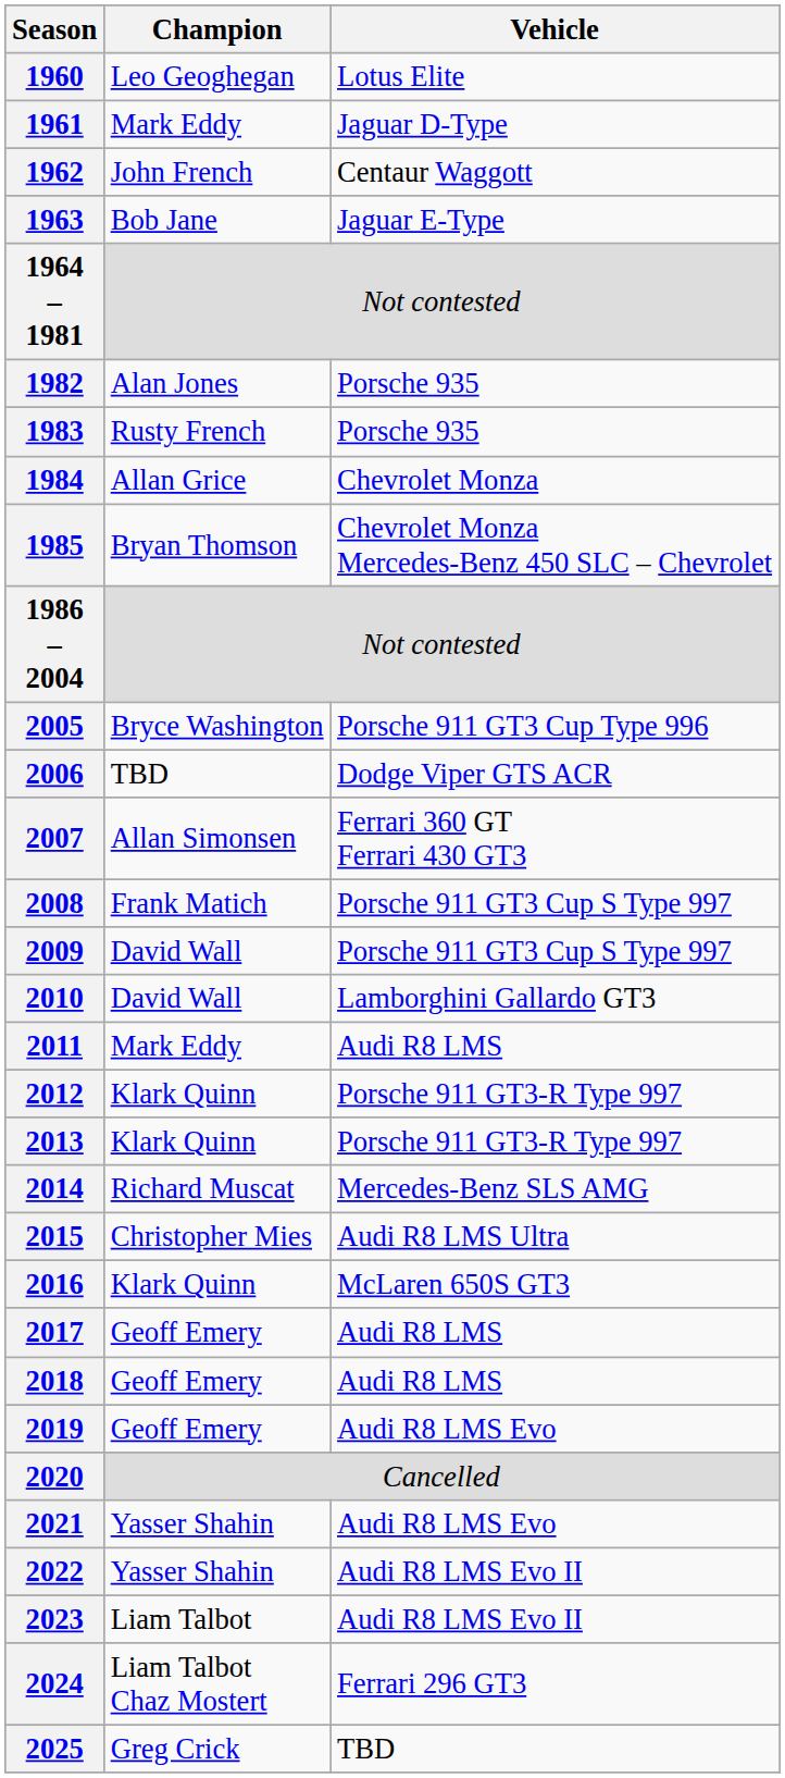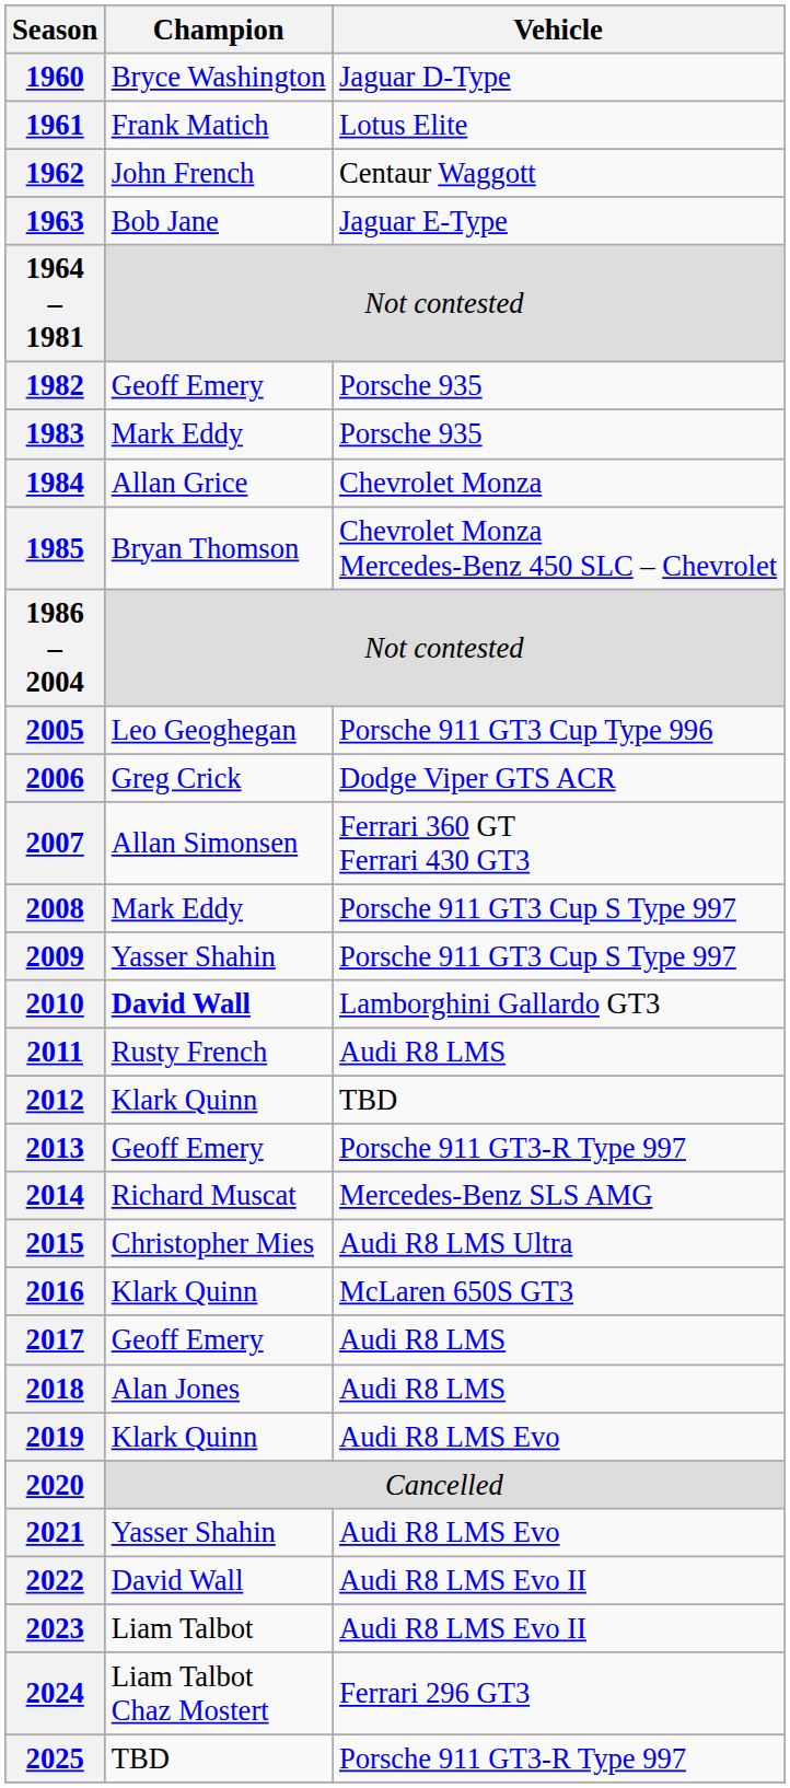 <table class="wikitable" style="font-size: 95%;">
 <tr>
 <th>Season</th>
 <th>Champion</th>
 <th>Vehicle</th>
 </tr>
 <tr>
 <th><a href='#'>1960</a></th>
-<td> <a href='#'>Leo Geoghegan</a></td>
-<td><a href='#'>Lotus Elite</a></td>
+<td> <a href='#'>Bryce Washington</a></td>
+<td><a href='#'>Jaguar D-Type</a></td>
 </tr>
 <tr>
 <th><a href='#'>1961</a></th>
-<td> <a href='#'>Mark Eddy</a></td>
-<td><a href='#'>Jaguar D-Type</a></td>
+<td> <a href='#'>Frank Matich</a></td>
+<td><a href='#'>Lotus Elite</a></td>
 </tr>
 <tr>
 <th><a href='#'>1962</a></th>
 <td> <a href='#'>John French</a></td>
 <td>Centaur <a href='#'>Waggott</a></td>
 </tr>
 <tr>
 <th><a href='#'>1963</a></th>
 <td> <a href='#'>Bob Jane</a></td>
 <td><a href='#'>Jaguar E-Type</a></td>
 </tr>
 <tr style="background: #dddddd">
 <th>1964<br>–<br>1981</th>
 <td colspan=2 align=center><em>Not contested</em></td>
 </tr>
 <tr>
 <th><a href='#'>1982</a></th>
-<td> <a href='#'>Alan Jones</a></td>
+<td> <a href='#'>Geoff Emery</a></td>
 <td><a href='#'>Porsche 935</a></td>
 </tr>
 <tr>
 <th><a href='#'>1983</a></th>
-<td> <a href='#'>Rusty French</a></td>
+<td> <a href='#'>Mark Eddy</a></td>
 <td><a href='#'>Porsche 935</a></td>
 </tr>
 <tr>
 <th><a href='#'>1984</a></th>
 <td> <a href='#'>Allan Grice</a></td>
 <td><a href='#'>Chevrolet Monza</a></td>
 </tr>
 <tr>
 <th><a href='#'>1985</a></th>
 <td> <a href='#'>Bryan Thomson</a></td>
 <td><a href='#'>Chevrolet Monza</a> <br> <a href='#'>Mercedes-Benz 450 SLC</a> – <a href='#'>Chevrolet</a></td>
 </tr>
 <tr style="background: #dddddd">
 <th>1986<br>–<br>2004</th>
 <td colspan=2 align=center><em>Not contested</em></td>
 </tr>
 <tr>
 <th><a href='#'>2005</a></th>
-<td> <a href='#'>Bryce Washington</a></td>
+<td> <a href='#'>Leo Geoghegan</a></td>
 <td><a href='#'>Porsche 911 GT3 Cup Type 996</a></td>
 </tr>
 <tr>
 <th><a href='#'>2006</a></th>
-<td>TBD</td>
+<td> <a href='#'>Greg Crick</a></td>
 <td><a href='#'>Dodge Viper GTS ACR</a></td>
 </tr>
 <tr>
 <th><a href='#'>2007</a></th>
 <td> <a href='#'>Allan Simonsen</a></td>
 <td><a href='#'>Ferrari 360</a> GT<br><a href='#'>Ferrari 430 GT3</a></td>
 </tr>
 <tr>
 <th><a href='#'>2008</a></th>
-<td> <a href='#'>Frank Matich</a></td>
+<td> <a href='#'>Mark Eddy</a></td>
 <td><a href='#'>Porsche 911 GT3 Cup S Type 997</a></td>
 </tr>
 <tr>
 <th><a href='#'>2009</a></th>
-<td> <a href='#'>David Wall</a></td>
+<td> <a href='#'>Yasser Shahin</a></td>
 <td><a href='#'>Porsche 911 GT3 Cup S Type 997</a></td>
 </tr>
 <tr>
 <th><a href='#'>2010</a></th>
-<td> <a href='#'>David Wall</a></td>
+<td><strong> <a href='#'>David Wall</a></strong></td>
 <td><a href='#'>Lamborghini Gallardo</a> GT3</td>
 </tr>
 <tr>
 <th><a href='#'>2011</a></th>
-<td> <a href='#'>Mark Eddy</a></td>
+<td> <a href='#'>Rusty French</a></td>
 <td><a href='#'>Audi R8 LMS</a></td>
 </tr>
 <tr>
 <th><a href='#'>2012</a></th>
 <td> <a href='#'>Klark Quinn</a></td>
-<td><a href='#'>Porsche 911 GT3-R Type 997</a></td>
+<td>TBD</td>
 </tr>
 <tr>
 <th><a href='#'>2013</a></th>
-<td> <a href='#'>Klark Quinn</a></td>
+<td> <a href='#'>Geoff Emery</a></td>
 <td><a href='#'>Porsche 911 GT3-R Type 997</a></td>
 </tr>
 <tr>
 <th><a href='#'>2014</a></th>
 <td> <a href='#'>Richard Muscat</a></td>
 <td><a href='#'>Mercedes-Benz SLS AMG</a></td>
 </tr>
 <tr>
 <th><a href='#'>2015</a></th>
 <td> <a href='#'>Christopher Mies</a></td>
 <td><a href='#'>Audi R8 LMS Ultra</a></td>
 </tr>
 <tr>
 <th><a href='#'>2016</a></th>
 <td> <a href='#'>Klark Quinn</a></td>
 <td><a href='#'>McLaren 650S GT3</a></td>
 </tr>
 <tr>
 <th><a href='#'>2017</a></th>
 <td> <a href='#'>Geoff Emery</a></td>
 <td><a href='#'>Audi R8 LMS</a></td>
 </tr>
 <tr>
 <th><a href='#'>2018</a></th>
-<td> <a href='#'>Geoff Emery</a></td>
+<td> <a href='#'>Alan Jones</a></td>
 <td><a href='#'>Audi R8 LMS</a></td>
 </tr>
 <tr>
 <th><a href='#'>2019</a></th>
-<td> <a href='#'>Geoff Emery</a></td>
+<td> <a href='#'>Klark Quinn</a></td>
 <td><a href='#'>Audi R8 LMS Evo</a></td>
 </tr>
 <tr style="background: #dddddd">
 <th><a href='#'>2020</a></th>
 <td colspan=2 align=center><em>Cancelled</em></td>
 </tr>
 <tr>
 <th><a href='#'>2021</a></th>
 <td> <a href='#'>Yasser Shahin</a></td>
 <td><a href='#'>Audi R8 LMS Evo</a></td>
 </tr>
 <tr>
 <th><a href='#'>2022</a></th>
-<td> <a href='#'>Yasser Shahin</a></td>
+<td> <a href='#'>David Wall</a></td>
 <td><a href='#'>Audi R8 LMS Evo II</a></td>
 </tr>
 <tr>
 <th><a href='#'>2023</a></th>
 <td> Liam Talbot</td>
 <td><a href='#'>Audi R8 LMS Evo II</a></td>
 </tr>
 <tr>
 <th><a href='#'>2024</a></th>
 <td> Liam Talbot<br> <a href='#'>Chaz Mostert</a></td>
 <td><a href='#'>Ferrari 296 GT3</a></td>
 </tr>
 <tr>
 <th><a href='#'>2025</a></th>
-<td> <a href='#'>Greg Crick</a></td>
 <td>TBD</td>
+<td><a href='#'>Porsche 911 GT3-R Type 997</a></td>
 </tr>
 </table>
